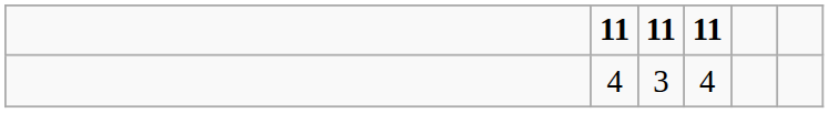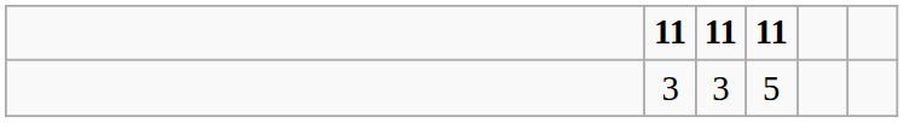 <table class="wikitable">
 <tr>
 <td style="width:18em"><strong></strong></td>
 <td align=center style="width:1em"><strong>11</strong></td>
 <td align=center style="width:1em"><strong>11</strong></td>
 <td align=center style="width:1em"><strong>11</strong></td>
 <td align=center style="width:1em"></td>
 <td align=center style="width:1em"></td>
 </tr>
 <tr>
 <td style="width:18em"></td>
-<td align=center style="width:1em">4</td>
 <td align=center style="width:1em">3</td>
-<td align=center style="width:1em">4</td>
+<td align=center style="width:1em">3</td>
+<td align=center style="width:1em">5</td>
 <td align=center style="width:1em"></td>
 <td align=center style="width:1em"></td>
 </tr>
 </table>
